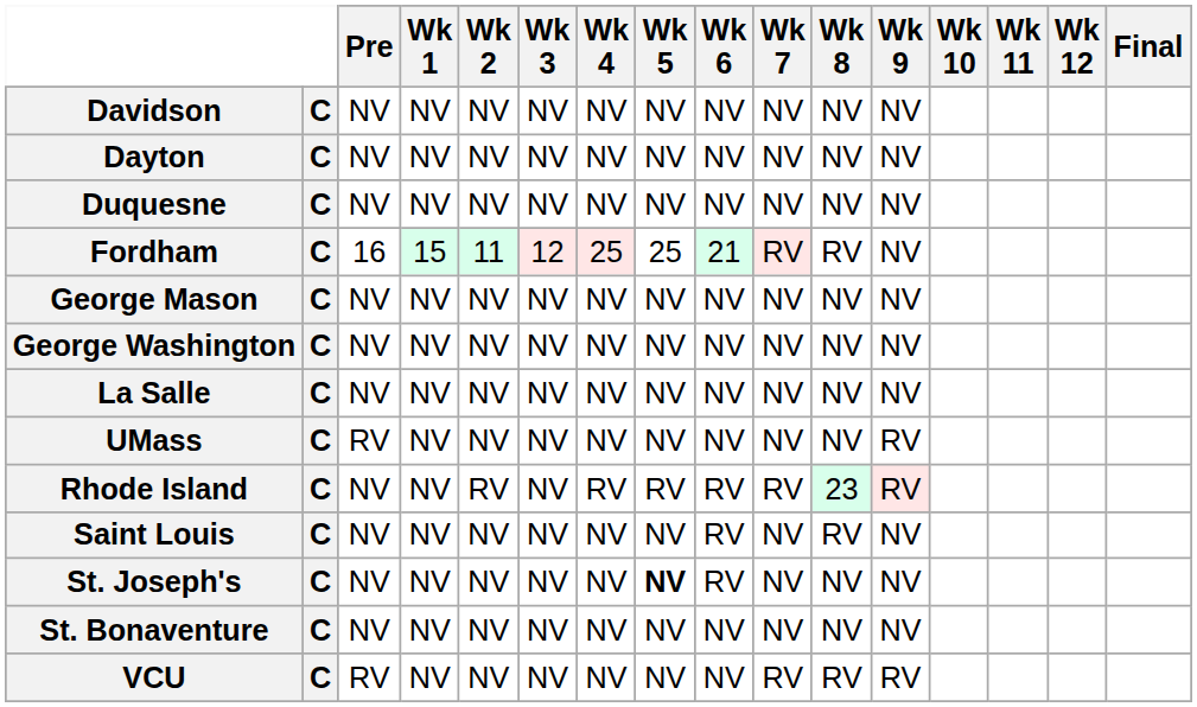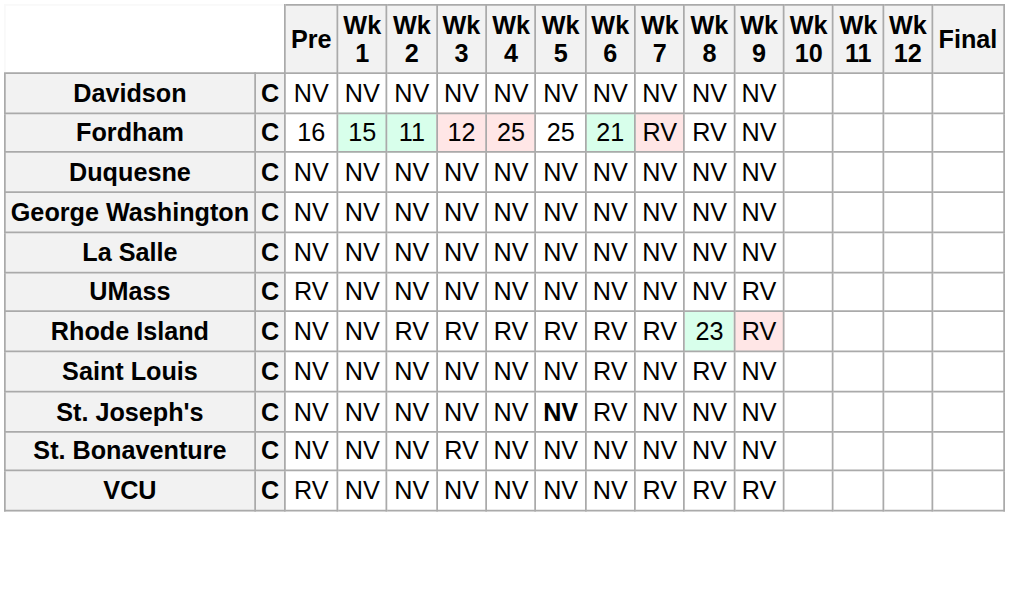 <table class="wikitable" style="white-space:nowrap;font-size:90%;">
 <tr>
 <th colspan=2 style="background:white; border-top-style:hidden; border-left-style:hidden;"> </th>
 <th>Pre</th>
 <th>Wk<br>1</th>
 <th>Wk<br>2</th>
 <th>Wk<br>3</th>
 <th>Wk<br>4</th>
 <th>Wk<br>5</th>
 <th>Wk<br>6</th>
 <th>Wk<br>7</th>
 <th>Wk<br>8</th>
 <th>Wk<br>9</th>
 <th>Wk<br>10</th>
 <th>Wk<br>11</th>
 <th>Wk<br>12</th>
 <th>Final</th>
 </tr>
 <tr style="text-align:center;">
 <th>Davidson</th>
 <th>C</th>
 <td style="background:#FFF;"> NV</td>
 <td style="background:#FFF;"> NV</td>
 <td style="background:#FFF;"> NV</td>
 <td style="background:#FFF;"> NV</td>
 <td style="background:#FFF;"> NV</td>
 <td style="background:#FFF;"> NV</td>
 <td style="background:#FFF;"> NV</td>
 <td style="background:#FFF;"> NV</td>
 <td style="background:#FFF;"> NV</td>
 <td style="background:#FFF;"> NV</td>
 <td style="background:#FFF;"></td>
 <td style="background:#FFF;"></td>
 <td style="background:#FFF;"></td>
 <td style="background:#FFF;"></td>
 </tr>
 <tr style="text-align:center;">
-<th>Dayton</th>
-<th>C</th>
-<td style="background:#FFF;"> NV</td>
-<td style="background:#FFF;"> NV</td>
-<td style="background:#FFF;"> NV</td>
-<td style="background:#FFF;"> NV</td>
-<td style="background:#FFF;"> NV</td>
-<td style="background:#FFF;"> NV</td>
-<td style="background:#FFF;"> NV</td>
-<td style="background:#FFF;"> NV</td>
-<td style="background:#FFF;"> NV</td>
-<td style="background:#FFF;"> NV</td>
-<td style="background:#FFF;"></td>
-<td style="background:#FFF;"></td>
-<td style="background:#FFF;"></td>
-<td style="background:#FFF;"></td>
-</tr>
-<tr style="text-align:center;">
-<th>Duquesne</th>
-<th>C</th>
-<td style="background:#FFF;"> NV</td>
-<td style="background:#FFF;"> NV</td>
-<td style="background:#FFF;"> NV</td>
-<td style="background:#FFF;"> NV</td>
-<td style="background:#FFF;"> NV</td>
-<td style="background:#FFF;"> NV</td>
-<td style="background:#FFF;"> NV</td>
-<td style="background:#FFF;"> NV</td>
-<td style="background:#FFF;"> NV</td>
-<td style="background:#FFF;"> NV</td>
-<td style="background:#FFF;"></td>
-<td style="background:#FFF;"></td>
-<td style="background:#FFF;"></td>
-<td style="background:#FFF;"></td>
-</tr>
-<tr style="text-align:center;">
 <th>Fordham</th>
 <th>C</th>
 <td style="background:#FFF;"> 16</td>
 <td style="background:#D8FFEB;"> 15</td>
 <td style="background:#D8FFEB;"> 11</td>
 <td style="background:#ffe6e6;"> 12</td>
 <td style="background:#ffe6e6;"> 25</td>
 <td style="background:#FFF;"> 25</td>
 <td style="background:#D8FFEB;"> 21</td>
 <td style="background:#ffe6e6;"> RV</td>
 <td style="background:#FFF;"> RV</td>
 <td style="background:#FFF;"> NV</td>
 <td style="background:#FFF;"></td>
 <td style="background:#FFF;"></td>
 <td style="background:#FFF;"></td>
 <td style="background:#FFF;"></td>
 </tr>
 <tr style="text-align:center;">
-<th>George Mason</th>
+<th>Duquesne</th>
 <th>C</th>
 <td style="background:#FFF;"> NV</td>
 <td style="background:#FFF;"> NV</td>
 <td style="background:#FFF;"> NV</td>
 <td style="background:#FFF;"> NV</td>
 <td style="background:#FFF;"> NV</td>
 <td style="background:#FFF;"> NV</td>
 <td style="background:#FFF;"> NV</td>
 <td style="background:#FFF;"> NV</td>
 <td style="background:#FFF;"> NV</td>
 <td style="background:#FFF;"> NV</td>
 <td style="background:#FFF;"></td>
 <td style="background:#FFF;"></td>
 <td style="background:#FFF;"></td>
 <td style="background:#FFF;"></td>
 </tr>
 <tr style="text-align:center;">
 <th>George Washington</th>
 <th>C</th>
 <td style="background:#FFF;"> NV</td>
 <td style="background:#FFF;"> NV</td>
 <td style="background:#FFF;"> NV</td>
 <td style="background:#FFF;"> NV</td>
 <td style="background:#FFF;"> NV</td>
 <td style="background:#FFF;"> NV</td>
 <td style="background:#FFF;"> NV</td>
 <td style="background:#FFF;"> NV</td>
 <td style="background:#FFF;"> NV</td>
 <td style="background:#FFF;"> NV</td>
 <td style="background:#FFF;"></td>
 <td style="background:#FFF;"></td>
 <td style="background:#FFF;"></td>
 <td style="background:#FFF;"></td>
 </tr>
 <tr style="text-align:center;">
 <th>La Salle</th>
 <th>C</th>
 <td style="background:#FFF;"> NV</td>
 <td style="background:#FFF;"> NV</td>
 <td style="background:#FFF;"> NV</td>
 <td style="background:#FFF;"> NV</td>
 <td style="background:#FFF;"> NV</td>
 <td style="background:#FFF;"> NV</td>
 <td style="background:#FFF;"> NV</td>
 <td style="background:#FFF;"> NV</td>
 <td style="background:#FFF;"> NV</td>
 <td style="background:#FFF;"> NV</td>
 <td style="background:#FFF;"></td>
 <td style="background:#FFF;"></td>
 <td style="background:#FFF;"></td>
 <td style="background:#FFF;"></td>
 </tr>
 <tr style="text-align:center;">
 <th>UMass</th>
 <th>C</th>
 <td style="background:#FFF;"> RV</td>
 <td style="background:#FFF;"> NV</td>
 <td style="background:#FFF;"> NV</td>
 <td style="background:#FFF;"> NV</td>
 <td style="background:#FFF;"> NV</td>
 <td style="background:#FFF;"> NV</td>
 <td style="background:#FFF;"> NV</td>
 <td style="background:#FFF;"> NV</td>
 <td style="background:#FFF;"> NV</td>
 <td style="background:#FFF;"> RV</td>
 <td style="background:#FFF;"></td>
 <td style="background:#FFF;"></td>
 <td style="background:#FFF;"></td>
 <td style="background:#FFF;"></td>
 </tr>
 <tr style="text-align:center;">
 <th>Rhode Island</th>
 <th>C</th>
 <td style="background:#FFF;"> NV</td>
 <td style="background:#FFF;"> NV</td>
 <td style="background:#FFF;"> RV</td>
-<td style="background:#FFF;"> NV</td>
+<td style="background:#FFF;"> RV</td>
 <td style="background:#FFF;"> RV</td>
 <td style="background:#FFF;"> RV</td>
 <td style="background:#FFF;"> RV</td>
 <td style="background:#FFF;"> RV</td>
 <td style="background:#D8FFEB;"> 23</td>
 <td style="background:#ffe6e6;"> RV</td>
 <td style="background:#FFF;"></td>
 <td style="background:#FFF;"></td>
 <td style="background:#FFF;"></td>
 <td style="background:#FFF;"></td>
 </tr>
 <tr style="text-align:center;">
 <th>Saint Louis</th>
 <th>C</th>
 <td style="background:#FFF;"> NV</td>
 <td style="background:#FFF;"> NV</td>
 <td style="background:#FFF;"> NV</td>
 <td style="background:#FFF;"> NV</td>
 <td style="background:#FFF;"> NV</td>
 <td style="background:#FFF;"> NV</td>
 <td style="background:#FFF;"> RV</td>
 <td style="background:#FFF;"> NV</td>
 <td style="background:#FFF;"> RV</td>
 <td style="background:#FFF;"> NV</td>
 <td style="background:#FFF;"></td>
 <td style="background:#FFF;"></td>
 <td style="background:#FFF;"></td>
 <td style="background:#FFF;"></td>
 </tr>
 <tr style="text-align:center;">
 <th>St. Joseph's</th>
 <th>C</th>
 <td style="background:#FFF;"> NV</td>
 <td style="background:#FFF;"> NV</td>
 <td style="background:#FFF;"> NV</td>
 <td style="background:#FFF;"> NV</td>
 <td style="background:#FFF;"> NV</td>
 <td style="background:#FFF;"><strong> NV</strong></td>
 <td style="background:#FFF;"> RV</td>
 <td style="background:#FFF;"> NV</td>
 <td style="background:#FFF;"> NV</td>
 <td style="background:#FFF;"> NV</td>
 <td style="background:#FFF;"></td>
 <td style="background:#FFF;"></td>
 <td style="background:#FFF;"></td>
 <td style="background:#FFF;"></td>
 </tr>
 <tr style="text-align:center;">
 <th>St. Bonaventure</th>
 <th>C</th>
 <td style="background:#FFF;"> NV</td>
 <td style="background:#FFF;"> NV</td>
 <td style="background:#FFF;"> NV</td>
-<td style="background:#FFF;"> NV</td>
+<td style="background:#FFF;"> RV</td>
 <td style="background:#FFF;"> NV</td>
 <td style="background:#FFF;"> NV</td>
 <td style="background:#FFF;"> NV</td>
 <td style="background:#FFF;"> NV</td>
 <td style="background:#FFF;"> NV</td>
 <td style="background:#FFF;"> NV</td>
 <td style="background:#FFF;"></td>
 <td style="background:#FFF;"></td>
 <td style="background:#FFF;"></td>
 <td style="background:#FFF;"></td>
 </tr>
 <tr style="text-align:center;">
 <th>VCU</th>
 <th>C</th>
 <td style="background:#FFF;"> RV</td>
 <td style="background:#FFF;"> NV</td>
 <td style="background:#FFF;"> NV</td>
 <td style="background:#FFF;"> NV</td>
 <td style="background:#FFF;"> NV</td>
 <td style="background:#FFF;"> NV</td>
 <td style="background:#FFF;"> NV</td>
 <td style="background:#FFF;"> RV</td>
 <td style="background:#FFF;"> RV</td>
 <td style="background:#FFF;"> RV</td>
 <td style="background:#FFF;"></td>
 <td style="background:#FFF;"></td>
 <td style="background:#FFF;"></td>
 <td style="background:#FFF;"></td>
 </tr>
 </table>
